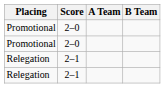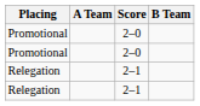 <table class=wikitable style="border:1px solid #AAAAAA;">
 <tr>
 <th>Placing</th>
+<th>A Team</th>
 <th>Score</th>
-<th>A Team</th>
 <th>B Team</th>
 </tr>
 <tr>
 <td>Promotional</td>
+<td><strong></strong></td>
 <td align="center">2–0</td>
-<td><strong></strong></td>
 <td></td>
 </tr>
 <tr>
 <td>Promotional</td>
+<td><strong></strong></td>
 <td align="center">2–0</td>
-<td><strong></strong></td>
 <td></td>
 </tr>
 <tr>
 <td>Relegation</td>
+<td><strong></strong></td>
 <td align="center">2–1</td>
-<td><strong></strong></td>
 <td></td>
 </tr>
 <tr>
 <td>Relegation</td>
+<td><strong></strong></td>
 <td align="center">2–1</td>
-<td><strong></strong></td>
 <td></td>
 </tr>
 </table>
